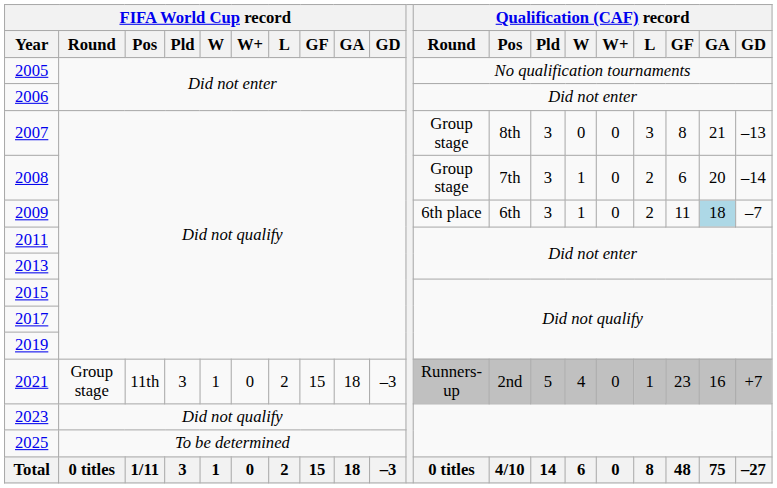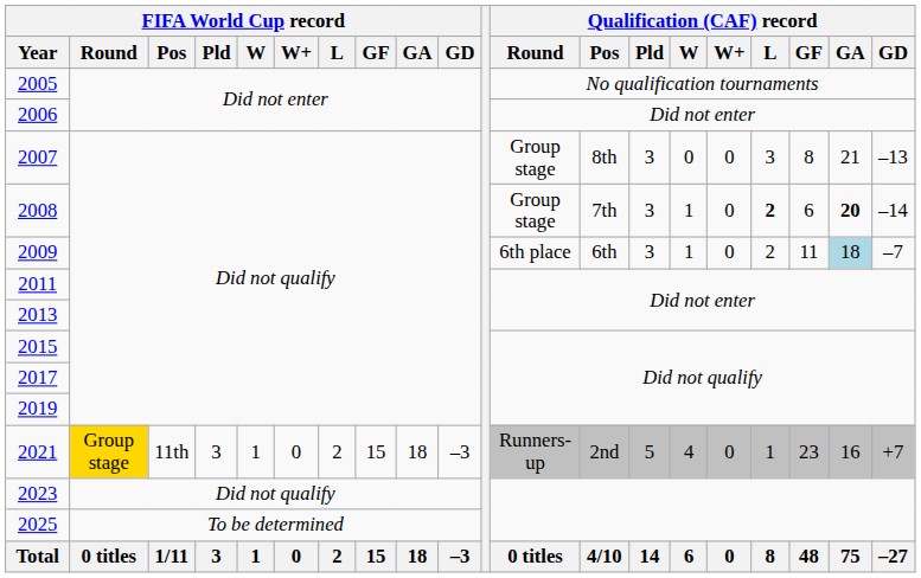 <table class="wikitable" style="text-align: center;">
 <tr>
 <th colspan=10><a href='#'>FIFA World Cup</a> record</th>
 <th width=1% rowspan="16"></th>
 <th colspan=10><a href='#'>Qualification (CAF)</a> record</th>
 </tr>
 <tr>
 <th width=40>Year</th>
 <th width=50>Round</th>
 <th width=20>Pos</th>
 <th width=20>Pld</th>
 <th width=20>W</th>
 <th width=20>W+</th>
 <th width=20>L</th>
 <th width=20>GF</th>
 <th width=20>GA</th>
 <th width=20>GD</th>
 <th width=50>Round</th>
 <th width=20>Pos</th>
 <th width=20>Pld</th>
 <th width=20>W</th>
 <th width=20>W+</th>
 <th width=20>L</th>
 <th width=20>GF</th>
 <th width=20>GA</th>
 <th width=20>GD</th>
 </tr>
 <tr>
 <td> <a href='#'>2005</a></td>
 <td colspan=9 rowspan = 2><em>Did not enter</em></td>
 <td colspan=9><em>No qualification tournaments</em></td>
 </tr>
 <tr>
 <td> <a href='#'>2006</a></td>
 <td colspan=9><em>Did not enter</em></td>
 </tr>
 <tr>
 <td> <a href='#'>2007</a></td>
 <td colspan=9 rowspan = 8><em>Did not qualify</em></td>
 <td>Group stage</td>
 <td>8th</td>
 <td>3</td>
 <td>0</td>
 <td>0</td>
 <td>3</td>
 <td>8</td>
 <td>21</td>
 <td>–13</td>
 </tr>
 <tr>
 <td> <a href='#'>2008</a></td>
 <td>Group stage</td>
 <td>7th</td>
 <td>3</td>
 <td>1</td>
 <td>0</td>
-<td>2</td>
+<td><strong>2</strong></td>
 <td>6</td>
-<td>20</td>
+<td><strong>20</strong></td>
 <td>–14</td>
 </tr>
 <tr>
 <td> <a href='#'>2009</a></td>
 <td>6th place</td>
 <td>6th</td>
 <td>3</td>
 <td>1</td>
 <td>0</td>
 <td>2</td>
 <td>11</td>
 <td style="background: lightblue;">18</td>
 <td>–7</td>
 </tr>
 <tr>
 <td> <a href='#'>2011</a></td>
 <td rowspan=2 colspan=9><em>Did not enter</em></td>
 </tr>
 <tr>
 <td> <a href='#'>2013</a></td>
 </tr>
 <tr>
 <td> <a href='#'>2015</a></td>
 <td rowspan=3 colspan=9><em>Did not qualify</em></td>
 </tr>
 <tr>
 <td> <a href='#'>2017</a></td>
 </tr>
 <tr>
 <td> <a href='#'>2019</a></td>
 </tr>
 <tr>
 <td> <a href='#'>2021</a></td>
-<td>Group stage</td>
+<td style="background: gold;">Group stage</td>
 <td>11th</td>
 <td>3</td>
 <td>1</td>
 <td>0</td>
 <td>2</td>
 <td>15</td>
 <td>18</td>
 <td>–3</td>
 <td bgcolor=silver>Runners-up</td>
 <td bgcolor=silver>2nd</td>
 <td bgcolor=silver>5</td>
 <td bgcolor=silver>4</td>
 <td bgcolor=silver>0</td>
 <td bgcolor=silver>1</td>
 <td bgcolor=silver>23</td>
 <td bgcolor=silver>16</td>
 <td bgcolor=silver>+7</td>
 </tr>
 <tr>
 <td> <a href='#'>2023</a></td>
 <td colspan=9><em>Did not qualify</em></td>
 </tr>
 <tr>
 <td> <a href='#'>2025</a></td>
 <td colspan=9><em>To be determined</em></td>
 </tr>
 <tr>
 <th>Total</th>
 <th>0 titles</th>
 <th>1/11</th>
 <th>3</th>
 <th>1</th>
 <th>0</th>
 <th>2</th>
 <th>15</th>
 <th>18</th>
 <th>–3</th>
 <th>0 titles</th>
 <th>4/10</th>
 <th>14</th>
 <th>6</th>
 <th>0</th>
 <th>8</th>
 <th>48</th>
 <th>75</th>
 <th>–27</th>
 </tr>
 </table>
